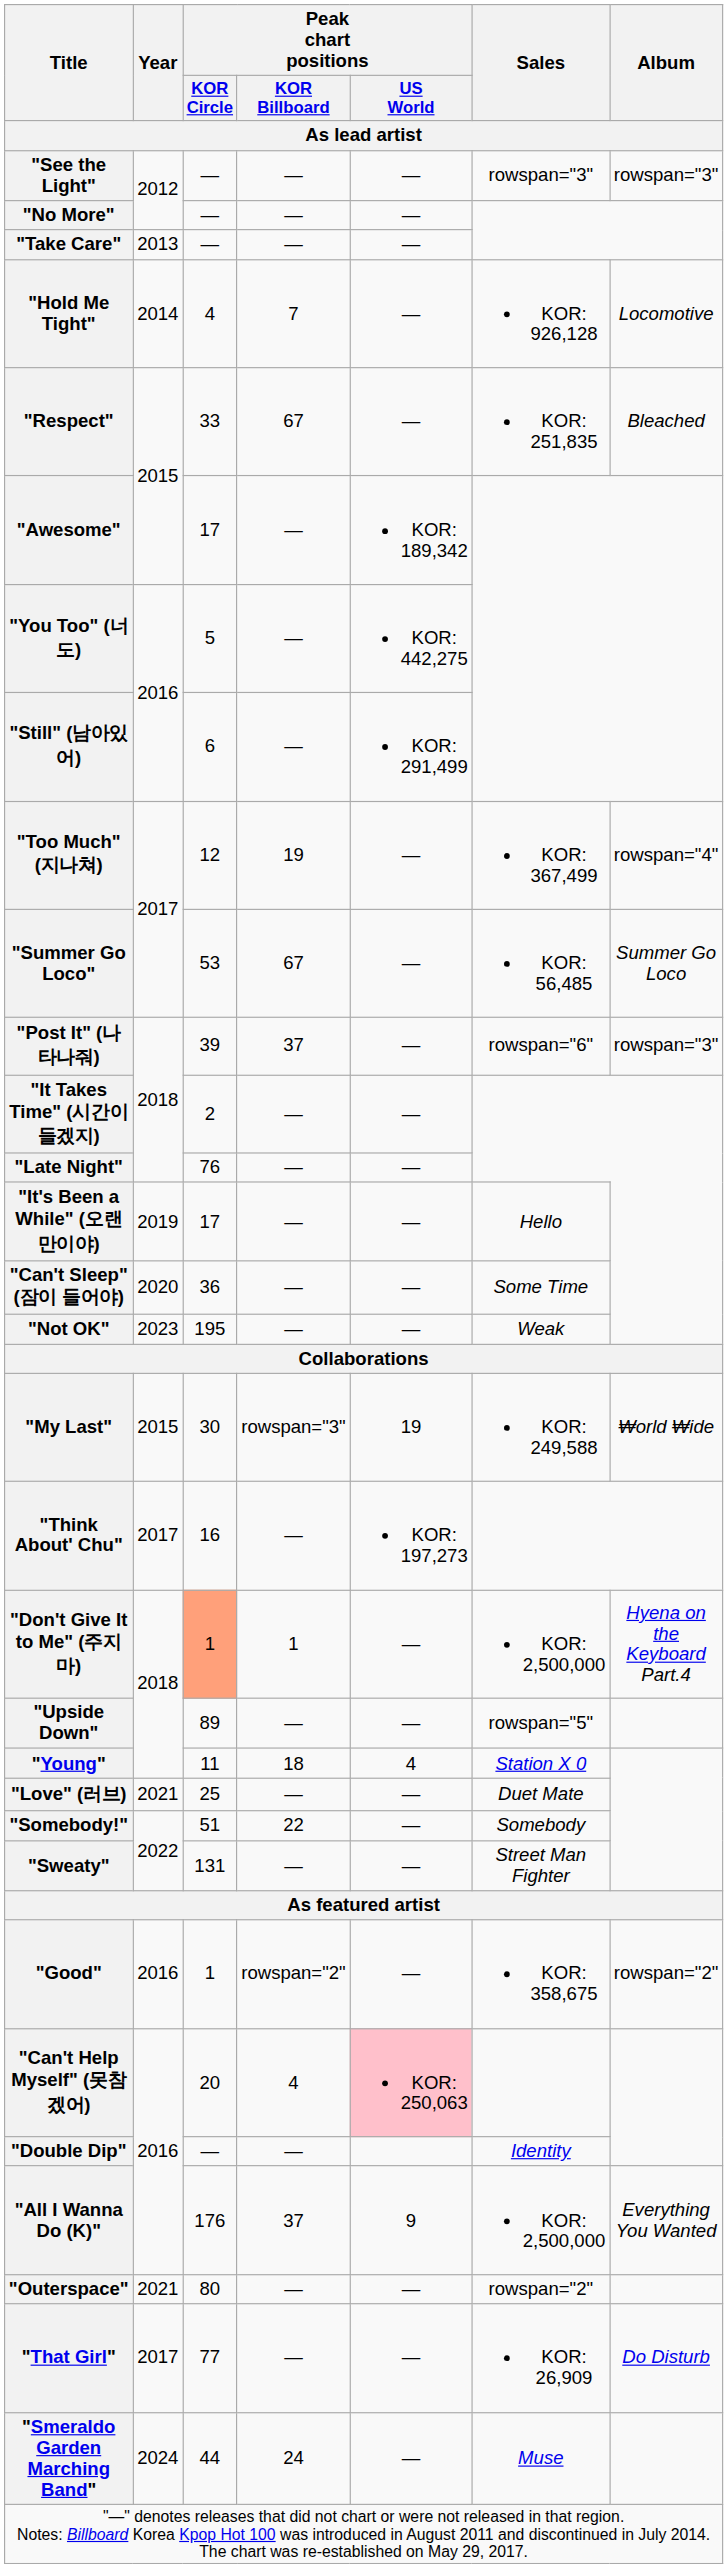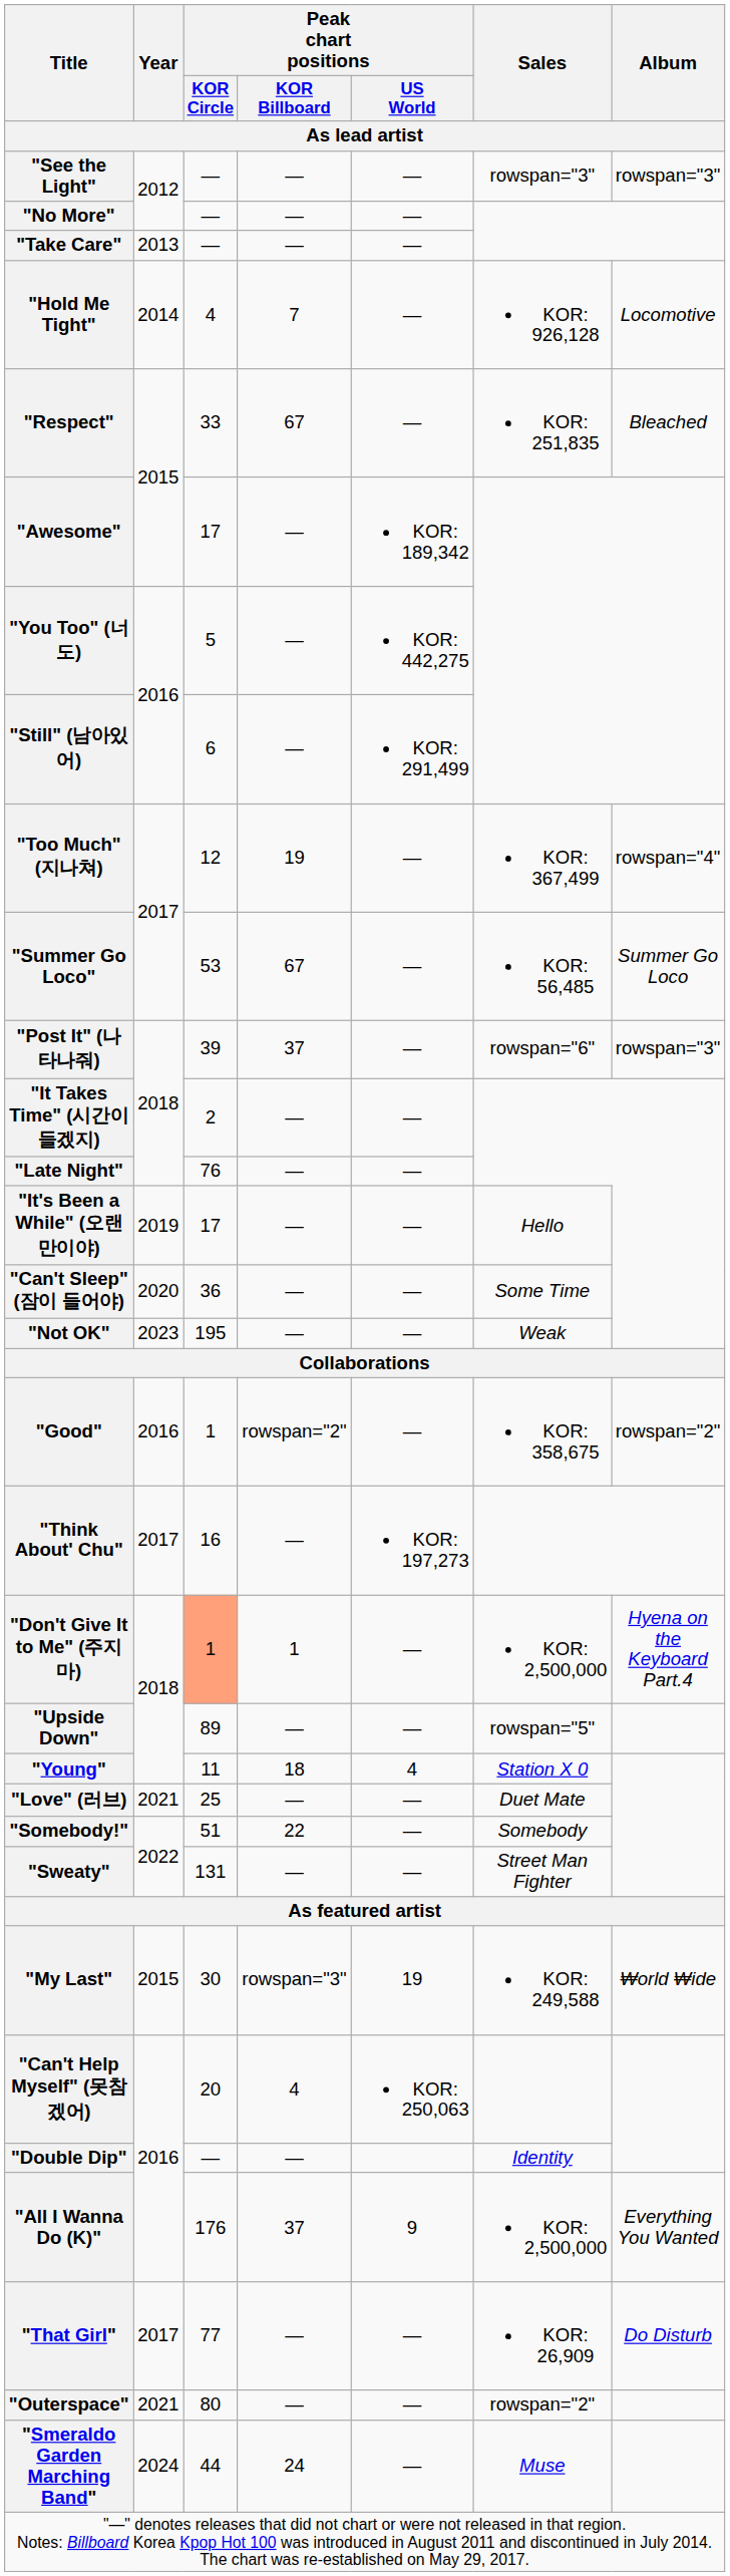 <table class="wikitable plainrowheaders" style="text-align:center;">
 <tr>
 <th rowspan="2">Title</th>
 <th rowspan="2">Year</th>
 <th colspan="3">Peak<br>chart<br>positions</th>
 <th rowspan="2">Sales</th>
 <th rowspan="2">Album</th>
 </tr>
 <tr>
 <th style="width:4em;font-size:90%"><a href='#'>KOR<br>Circle</a><br></th>
 <th style="width:4em;font-size:90%"><a href='#'>KOR<br>Billboard</a><br></th>
 <th style="width:4em;font-size:90%"><a href='#'>US<br>World</a><br></th>
 </tr>
 <tr>
 <th colspan="7">As lead artist</th>
 </tr>
 <tr>
 <th scope=row>"See the Light" </th>
 <td rowspan="2">2012</td>
 <td>—</td>
 <td>—</td>
 <td>—</td>
 <td>rowspan="3" </td>
 <td>rowspan="3" </td>
 </tr>
 <tr>
 <th scope=row>"No More" </th>
 <td>—</td>
 <td>—</td>
 <td>—</td>
 </tr>
 <tr>
 <th scope=row>"Take Care" </th>
 <td>2013</td>
 <td>—</td>
 <td>—</td>
 <td>—</td>
 </tr>
 <tr>
 <th scope=row>"Hold Me Tight" </th>
 <td>2014</td>
 <td>4</td>
 <td>7</td>
 <td>—</td>
 <td><br><ul><li>KOR: 926,128</li></ul></td>
 <td><em>Locomotive</em></td>
 </tr>
 <tr>
 <th scope=row>"Respect" </th>
 <td rowspan="2">2015</td>
 <td>33</td>
 <td>67</td>
 <td>—</td>
 <td><br><ul><li>KOR: 251,835</li></ul></td>
 <td><em>Bleached</em></td>
 </tr>
 <tr>
 <th scope=row>"Awesome" </th>
 <td>17</td>
 <td>—</td>
 <td><br><ul><li>KOR: 189,342</li></ul></td>
 </tr>
 <tr>
 <th scope=row>"You Too" (너도) </th>
 <td rowspan="2">2016</td>
 <td>5</td>
 <td>—</td>
 <td><br><ul><li>KOR: 442,275</li></ul></td>
 </tr>
 <tr>
 <th scope="row">"Still" (남아있어) </th>
 <td>6</td>
 <td>—</td>
 <td><br><ul><li>KOR: 291,499</li></ul></td>
 </tr>
 <tr>
 <th scope="row">"Too Much" (지나쳐) </th>
 <td rowspan="2">2017</td>
 <td>12</td>
 <td>19</td>
 <td>—</td>
 <td><br><ul><li>KOR:  367,499</li></ul></td>
 <td>rowspan="4" </td>
 </tr>
 <tr>
 <th scope="row">"Summer Go Loco" </th>
 <td>53</td>
 <td>67</td>
 <td>—</td>
 <td><br><ul><li>KOR: 56,485</li></ul></td>
 <td><em>Summer Go Loco</em></td>
 </tr>
 <tr>
 <th scope="row">"Post It" (나타나줘) </th>
 <td rowspan="3">2018</td>
 <td>39</td>
 <td>37</td>
 <td>—</td>
 <td>rowspan="6" </td>
 <td>rowspan="3" </td>
 </tr>
 <tr>
 <th scope="row">"It Takes Time" (시간이 들겠지) </th>
 <td>2</td>
 <td>—</td>
 <td>—</td>
 </tr>
 <tr>
 <th scope="row">"Late Night" </th>
 <td>76</td>
 <td>—</td>
 <td>—</td>
 </tr>
 <tr>
 <th scope="row">"It's Been a While" (오랜만이야) </th>
 <td>2019</td>
 <td>17</td>
 <td>—</td>
 <td>—</td>
 <td><em>Hello</em></td>
 </tr>
 <tr>
 <th scope="row">"Can't Sleep" (잠이 들어야) </th>
 <td>2020</td>
 <td>36</td>
 <td>—</td>
 <td>—</td>
 <td><em>Some Time</em></td>
 </tr>
 <tr>
 <th scope="row">"Not OK" </th>
 <td>2023</td>
 <td>195</td>
 <td>—</td>
 <td>—</td>
 <td><em>Weak</em></td>
 </tr>
 <tr>
 <th colspan="7">Collaborations</th>
 </tr>
 <tr>
-<th scope="row">"My Last" </th>
-<td>2015</td>
-<td>30</td>
-<td>rowspan="3" </td>
-<td>19</td>
-<td><br><ul><li>KOR: 249,588</li></ul></td>
-<td><em>₩orld ₩ide</em></td>
+<th scope=row>"Good" </th>
+<td>2016</td>
+<td>1</td>
+<td>rowspan="2" </td>
+<td>—</td>
+<td><br><ul><li>KOR: 358,675</li></ul></td>
+<td>rowspan="2" </td>
 </tr>
 <tr>
 <th scope=row>"Think About' Chu" </th>
 <td>2017</td>
 <td>16</td>
 <td>—</td>
 <td><br><ul><li>KOR: 197,273</li></ul></td>
 </tr>
 <tr>
 <th scope=row>"Don't Give It to Me" (주지마) </th>
 <td rowspan="3">2018</td>
 <td style="background: lightsalmon;">1</td>
 <td>1</td>
 <td>—</td>
 <td><br><ul><li>KOR: 2,500,000</li></ul></td>
 <td><em><a href='#'>Hyena on the Keyboard</a> Part.4</em></td>
 </tr>
 <tr>
 <th scope="row">"Upside Down" </th>
 <td>89</td>
 <td>—</td>
 <td>—</td>
 <td>rowspan="5" </td>
 <td></td>
 </tr>
 <tr>
 <th scope="row">"<a href='#'>Young</a>" </th>
 <td>11</td>
 <td>18</td>
 <td>4</td>
 <td><em><a href='#'>Station X 0</a></em></td>
 </tr>
 <tr>
 <th scope="row">"Love" (러브) </th>
 <td>2021</td>
 <td>25</td>
 <td>—</td>
 <td>—</td>
 <td><em>Duet Mate </em></td>
 </tr>
 <tr>
 <th scope="row">"Somebody!" </th>
 <td rowspan="2">2022</td>
 <td>51</td>
 <td>22</td>
 <td>—</td>
 <td><em>Somebody</em></td>
 </tr>
 <tr>
 <th scope="row">"Sweaty" </th>
 <td>131</td>
 <td>—</td>
 <td>—</td>
 <td><em>Street Man Fighter</em></td>
 </tr>
 <tr>
 <th colspan="7">As featured artist</th>
 </tr>
 <tr>
-<th scope=row>"Good" </th>
-<td>2016</td>
-<td>1</td>
-<td>rowspan="2" </td>
-<td>—</td>
-<td><br><ul><li>KOR: 358,675</li></ul></td>
-<td>rowspan="2" </td>
+<th scope="row">"My Last" </th>
+<td>2015</td>
+<td>30</td>
+<td>rowspan="3" </td>
+<td>19</td>
+<td><br><ul><li>KOR: 249,588</li></ul></td>
+<td><em>₩orld ₩ide</em></td>
 </tr>
 <tr>
 <th scope="row">"Can't Help Myself" (못참겠어) </th>
 <td rowspan="3">2016</td>
 <td>20</td>
 <td>4</td>
-<td style="background: pink;"><br><ul><li>KOR: 250,063</li></ul></td>
+<td><br><ul><li>KOR: 250,063</li></ul></td>
 <td></td>
 </tr>
 <tr>
 <th scope="row">"Double Dip" </th>
 <td>—</td>
 <td>—</td>
 <td></td>
 <td><a href='#'><em>Identity</em></a></td>
 </tr>
 <tr>
 <th scope="row">"All I Wanna Do (K)" </th>
 <td>176</td>
 <td>37</td>
 <td>9</td>
 <td><br><ul><li>KOR: 2,500,000 </li></ul></td>
 <td><em>Everything You Wanted</em></td>
 </tr>
 <tr>
+<th scope="row">"<a href='#'>That Girl</a>" </th>
+<td>2017</td>
+<td>77</td>
+<td>—</td>
+<td>—</td>
+<td><br><ul><li>KOR: 26,909</li></ul></td>
+<td><em><a href='#'>Do Disturb</a></em></td>
+</tr>
+<tr>
 <th scope="row">"Outerspace" </th>
 <td>2021</td>
 <td>80</td>
 <td>—</td>
 <td>—</td>
 <td>rowspan="2" </td>
 <td></td>
-</tr>
-<tr>
-<th scope="row">"<a href='#'>That Girl</a>" </th>
-<td>2017</td>
-<td>77</td>
-<td>—</td>
-<td>—</td>
-<td><br><ul><li>KOR: 26,909</li></ul></td>
-<td><em><a href='#'>Do Disturb</a></em></td>
 </tr>
 <tr>
 <th scope="row">"<a href='#'>Smeraldo Garden Marching Band</a>" </th>
 <td>2024</td>
 <td>44</td>
 <td>24</td>
 <td>—</td>
 <td><em><a href='#'>Muse</a></em></td>
 </tr>
 <tr>
 <td colspan="7" style="font-size:85%">"—" denotes releases that did not chart or were not released in that region.<br>Notes: <em><a href='#'>Billboard</a></em> Korea <a href='#'>Kpop Hot 100</a> was introduced in August 2011 and discontinued in July 2014. The chart was re-established on May 29, 2017.</td>
 </tr>
 </table>
